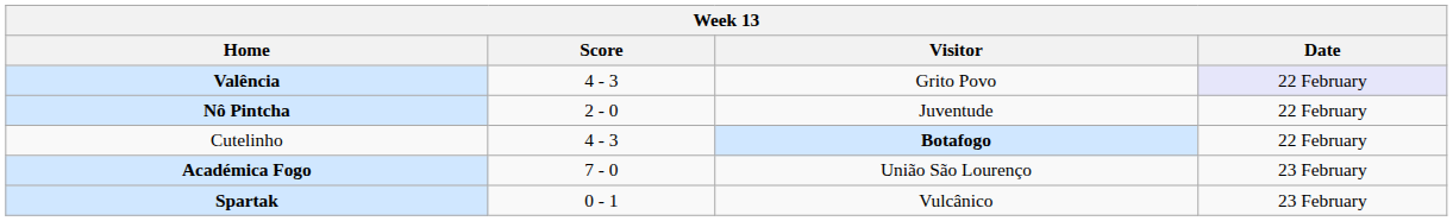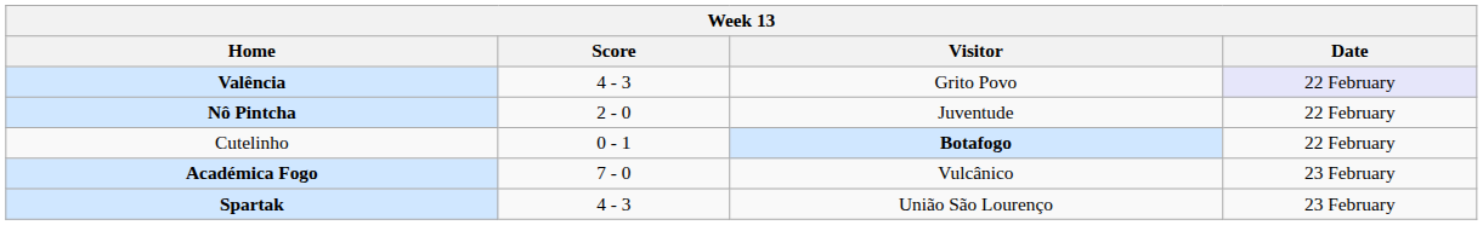 <table class="wikitable" style="margin:1em auto; font-size:95%; text-align: center; width: 95%;">
 <tr>
 <th colspan="12"  style="with:100%; text-align:center;">Week 13</th>
 </tr>
 <tr>
 <th style="width:200px;">Home</th>
 <th width="90">Score</th>
 <th style="width:200px;">Visitor</th>
 <th style="width:100px;">Date</th>
 </tr>
 <tr align=center>
 <td style="background:#d0e7ff;"><strong>Valência</strong></td>
 <td>4 - 3</td>
 <td>Grito Povo</td>
 <td style="background: lavender;">22 February</td>
 </tr>
 <tr align=center>
 <td style="background:#d0e7ff;"><strong>Nô Pintcha</strong></td>
 <td>2 - 0</td>
 <td>Juventude</td>
 <td>22 February</td>
 </tr>
 <tr align=center>
 <td>Cutelinho</td>
-<td>4 - 3</td>
+<td>0 - 1</td>
 <td style="background:#d0e7ff;"><strong>Botafogo</strong></td>
 <td>22 February</td>
 </tr>
 <tr align=center>
 <td style="background:#d0e7ff;"><strong>Académica Fogo</strong></td>
 <td>7 - 0</td>
-<td>União São Lourenço</td>
+<td>Vulcânico</td>
 <td>23 February</td>
 </tr>
 <tr align=center>
 <td style="background:#d0e7ff;"><strong>Spartak</strong></td>
-<td>0 - 1</td>
-<td>Vulcânico</td>
+<td>4 - 3</td>
+<td>União São Lourenço</td>
 <td>23 February</td>
 </tr>
 </table>
